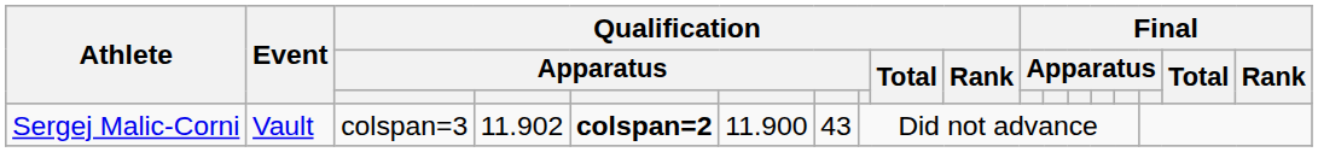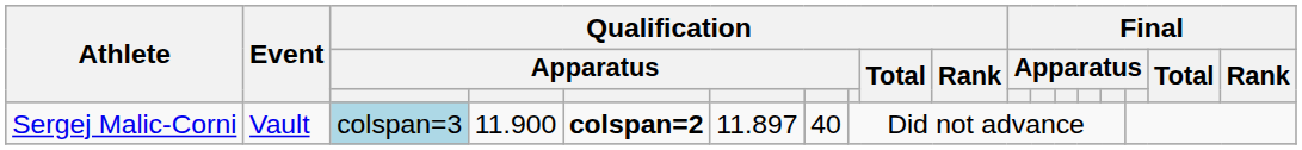 <table class="wikitable" style="font-size:90%">
 <tr>
 <th rowspan=3>Athlete</th>
 <th rowspan=3>Event</th>
 <th colspan =8>Qualification</th>
 <th colspan =8>Final</th>
 </tr>
 <tr style="font-size:95%">
 <th colspan=6>Apparatus</th>
 <th rowspan=2>Total</th>
 <th rowspan=2>Rank</th>
 <th colspan=6>Apparatus</th>
 <th rowspan=2>Total</th>
 <th rowspan=2>Rank</th>
 </tr>
 <tr style="font-size:95%">
 <th></th>
 <th></th>
 <th></th>
 <th></th>
 <th></th>
 <th></th>
 <th></th>
 <th></th>
 <th></th>
 <th></th>
 <th></th>
 <th></th>
 </tr>
 <tr align=center>
 <td align=left><a href='#'>Sergej Malic-Corni</a></td>
 <td align=left><a href='#'>Vault</a></td>
-<td>colspan=3 </td>
-<td>11.902</td>
+<td style="background: lightblue;">colspan=3 </td>
+<td>11.900</td>
 <td><strong>colspan=2 </strong></td>
-<td>11.900</td>
-<td>43</td>
+<td>11.897</td>
+<td>40</td>
 <td colspan=8>Did not advance</td>
 </tr>
 </table>
